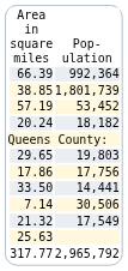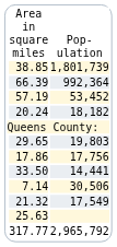 <table border="0" cellpadding="0" style="border:1px solid #A3B1BF; color: black; background-color: white; font-size: 90%; border-radius: 12px 12px 12px 12px; ">
 <tr valign="bottom" style="text-align:center">
 <td style="background-color:white"><br></td>
 <td style="background-color:white">Area<br>in<br>square<br>miles<br></td>
 <td style="background-color:white">Pop-<br>ulation<br></td>
 </tr>
 <tr style="text-align:right">
+<td style="background-color:#FFF8DC; text-align:left"></td>
+<td style="background-color:#FFF8DC">38.85</td>
+<td style="background-color:#FFF8DC;">1,801,739</td>
+</tr>
+<tr style="text-align:right">
 <td style="background-color:#EAEEF2; text-align:left"></td>
 <td style="background-color:#EAEEF2">66.39</td>
 <td style="background-color:#EAEEF2">992,364</td>
-</tr>
-<tr style="text-align:right">
-<td style="background-color:#FFF8DC; text-align:left"></td>
-<td style="background-color:#FFF8DC">38.85</td>
-<td style="background-color:#FFF8DC;">1,801,739</td>
 </tr>
 <tr style="text-align:right">
 <td style="background-color:#FFF8DC; text-align:left"></td>
 <td style="background-color:#FFF8DC">57.19</td>
 <td style="background-color:#FFF8DC">53,452</td>
 </tr>
 <tr style="text-align:right">
 <td style="background-color:#EAEEF2; text-align:left"></td>
 <td style="background-color:#EAEEF2">20.24</td>
 <td style="background-color:#EAEEF2">18,182</td>
 </tr>
 <tr style="text-align:left">
 <td colspan=3 style="background-color:#FFF8DC">Queens County:</td>
 </tr>
 <tr style="text-align:right">
 <td style="background-color:#EAEEF2; text-align:left"></td>
 <td style="background-color:#EAEEF2">29.65</td>
 <td style="background-color:#EAEEF2">19,803</td>
 </tr>
 <tr style="text-align:right">
 <td style="background-color:#FFF8DC; text-align:left"></td>
 <td style="background-color:#FFF8DC">17.86</td>
 <td style="background-color:#FFF8DC">17,756</td>
 </tr>
 <tr style="text-align:right">
 <td style="background-color:#EAEEF2; text-align:left"></td>
 <td style="background-color:#EAEEF2">33.50</td>
 <td style="background-color:#EAEEF2">14,441</td>
 </tr>
 <tr style="text-align:right">
 <td style="background-color:#FFF8DC; text-align:left"></td>
 <td style="background-color:#FFF8DC">7.14</td>
 <td style="background-color:#FFF8DC">30,506</td>
 </tr>
 <tr style="text-align:right">
 <td style="background-color:#EAEEF2; text-align:left"></td>
 <td style="background-color:#EAEEF2">21.32</td>
 <td style="background-color:#EAEEF2">17,549</td>
 </tr>
 <tr style="text-align:right">
 <td style="background-color:#FFF8DC; text-align:left"><br></td>
 <td style="background-color:#FFF8DC">25.63<br></td>
 <td style="background-color:#FFF8DC"><br></td>
 </tr>
 <tr style="text-align:right">
 <td style="background-color:white; text-align:left"></td>
 <td style="background-color:white">317.77</td>
 <td style="background-color:white">2,965,792</td>
 </tr>
 <tr style="text-align:left">
 <td colspan=3 style="background-color:white"></td>
 </tr>
 </table>
